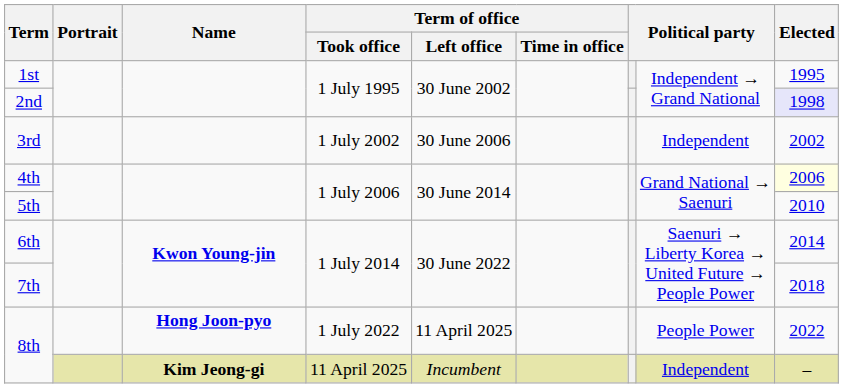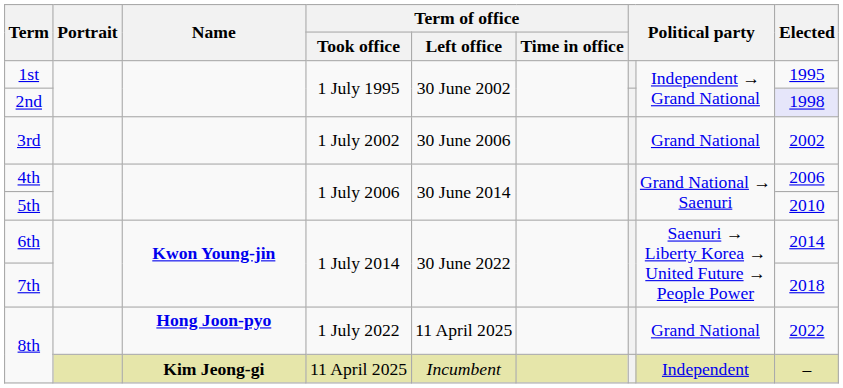 <table class="wikitable" style="text-align:center">
 <tr>
 <th rowspan="2">Term</th>
 <th rowspan="2">Portrait</th>
 <th rowspan="2" width="160">Name<br></th>
 <th colspan="3">Term of office</th>
 <th colspan="2" rowspan="2">Political party</th>
 <th rowspan="2">Elected</th>
 </tr>
 <tr>
 <th>Took office</th>
 <th>Left office</th>
 <th>Time in office</th>
 </tr>
 <tr>
 <td><a href='#'>1st</a></td>
 <td rowspan="2"></td>
 <td rowspan="2"><strong></strong><br><br></td>
 <td rowspan="2">1 July 1995</td>
 <td rowspan="2">30 June 2002</td>
 <td rowspan="2"></td>
 <th style="background:"></th>
 <td rowspan="2"><a href='#'>Independent</a> →<br><a href='#'>Grand National</a></td>
 <td><a href='#'>1995</a></td>
 </tr>
 <tr>
 <td><a href='#'>2nd</a></td>
 <th style="background:"></th>
 <td style="background: lavender;"><a href='#'>1998</a></td>
 </tr>
 <tr>
 <td><a href='#'>3rd</a></td>
 <td></td>
 <td><strong></strong><br><br></td>
 <td>1 July 2002</td>
 <td>30 June 2006</td>
 <td></td>
 <th style="background:"></th>
-<td><a href='#'>Independent</a></td>
+<td><a href='#'>Grand National</a></td>
 <td><a href='#'>2002</a></td>
 </tr>
 <tr>
 <td><a href='#'>4th</a></td>
 <td rowspan="2"></td>
 <td rowspan="2"><strong></strong><br><br></td>
 <td rowspan="2">1 July 2006</td>
 <td rowspan="2">30 June 2014</td>
 <td rowspan="2"></td>
 <th rowspan="2" style="background:"></th>
 <td rowspan="2"><a href='#'>Grand National</a> →<br><a href='#'>Saenuri</a></td>
-<td style="background: lightyellow;"><a href='#'>2006</a></td>
+<td><a href='#'>2006</a></td>
 </tr>
 <tr>
 <td><a href='#'>5th</a></td>
 <td><a href='#'>2010</a></td>
 </tr>
 <tr>
 <td><a href='#'>6th</a></td>
 <td rowspan="2"></td>
 <td rowspan="2"><strong><a href='#'>Kwon Young-jin</a></strong><br><br></td>
 <td rowspan="2">1 July 2014</td>
 <td rowspan="2">30 June 2022</td>
 <td rowspan="2"></td>
 <th rowspan="2" style="background:"></th>
 <td rowspan="2"><a href='#'>Saenuri</a> →<br><a href='#'>Liberty Korea</a> →<br><a href='#'>United Future</a> →<br><a href='#'>People Power</a></td>
 <td><a href='#'>2014</a></td>
 </tr>
 <tr>
 <td><a href='#'>7th</a></td>
 <td><a href='#'>2018</a></td>
 </tr>
 <tr>
 <td rowspan="2"><a href='#'>8th</a></td>
 <td></td>
 <td><strong><a href='#'>Hong Joon-pyo</a></strong><br><br></td>
 <td>1 July 2022</td>
 <td>11 April 2025</td>
 <td></td>
 <th style="background:"></th>
-<td><a href='#'>People Power</a></td>
+<td><a href='#'>Grand National</a></td>
 <td><a href='#'>2022</a></td>
 </tr>
 <tr style="background:#E6E6AA;">
 <td></td>
 <td><strong>Kim Jeong-gi</strong><br></td>
 <td>11 April 2025</td>
 <td><em>Incumbent</em></td>
 <td></td>
 <th style="background:"></th>
 <td><a href='#'>Independent</a></td>
 <td>–</td>
 </tr>
 </table>
